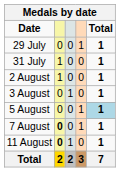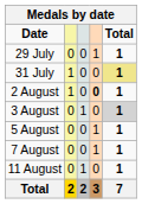 <table class="wikitable" style="font-size:85%">
 <tr bgcolor="#efefef">
 <th colspan=6>Medals by date</th>
 </tr>
 <tr align=center>
 <td><strong>Date</strong></td>
 <td bgcolor=#f7f6a8></td>
 <td bgcolor=#dce5e5></td>
 <td bgcolor=#ffdab9></td>
 <td><strong>Total</strong></td>
 </tr>
 <tr align=center>
 <td>29 July</td>
 <td style="background:#F7F6A8;">0</td>
 <td style="background:#DCE5E5;">0</td>
 <td style="background:#FFDAB9;">1</td>
 <td><strong>1</strong></td>
 </tr>
 <tr align=center>
 <td>31 July</td>
 <td style="background:#F7F6A8;">1</td>
 <td style="background:#DCE5E5;">0</td>
 <td style="background:#FFDAB9;">0</td>
-<td><strong>1</strong></td>
+<td style="background: khaki;"><strong>1</strong></td>
 </tr>
 <tr align=center>
 <td>2 August</td>
 <td style="background:#F7F6A8;">1</td>
 <td style="background:#DCE5E5;">0</td>
-<td style="background:#FFDAB9;">0</td>
+<td style="background:#FFDAB9;"><strong>0</strong></td>
 <td><strong>1</strong></td>
 </tr>
 <tr align=center>
 <td>3 August</td>
 <td style="background:#F7F6A8;">0</td>
 <td style="background:#DCE5E5;">1</td>
 <td style="background:#FFDAB9;">0</td>
-<td><strong>1</strong></td>
+<td style="background: lightgrey;"><strong>1</strong></td>
 </tr>
 <tr align=center>
 <td>5 August</td>
 <td style="background:#F7F6A8;">0</td>
 <td style="background:#DCE5E5;">0</td>
 <td style="background:#FFDAB9;">1</td>
-<td style="background: lightblue;"><strong>1</strong></td>
+<td><strong>1</strong></td>
 </tr>
 <tr align=center>
 <td>7 August</td>
-<td style="background:#F7F6A8;"><strong>0</strong></td>
+<td style="background:#F7F6A8;">0</td>
 <td style="background:#DCE5E5;">0</td>
 <td style="background:#FFDAB9;">1</td>
 <td><strong>1</strong></td>
 </tr>
 <tr align=center>
 <td>11 August</td>
-<td style="background:#F7F6A8;"><strong>0</strong></td>
+<td style="background:#F7F6A8;">0</td>
 <td style="background:#DCE5E5;">1</td>
 <td style="background:#FFDAB9;">0</td>
 <td><strong>1</strong></td>
 </tr>
 <tr align=center>
 <th><strong>Total</strong></th>
 <th style="background:gold;"><strong>2</strong></th>
 <th style="background:silver;"><strong>2</strong></th>
 <th style="background:#c96;"><strong>3</strong></th>
 <th>7</th>
 </tr>
 </table>
